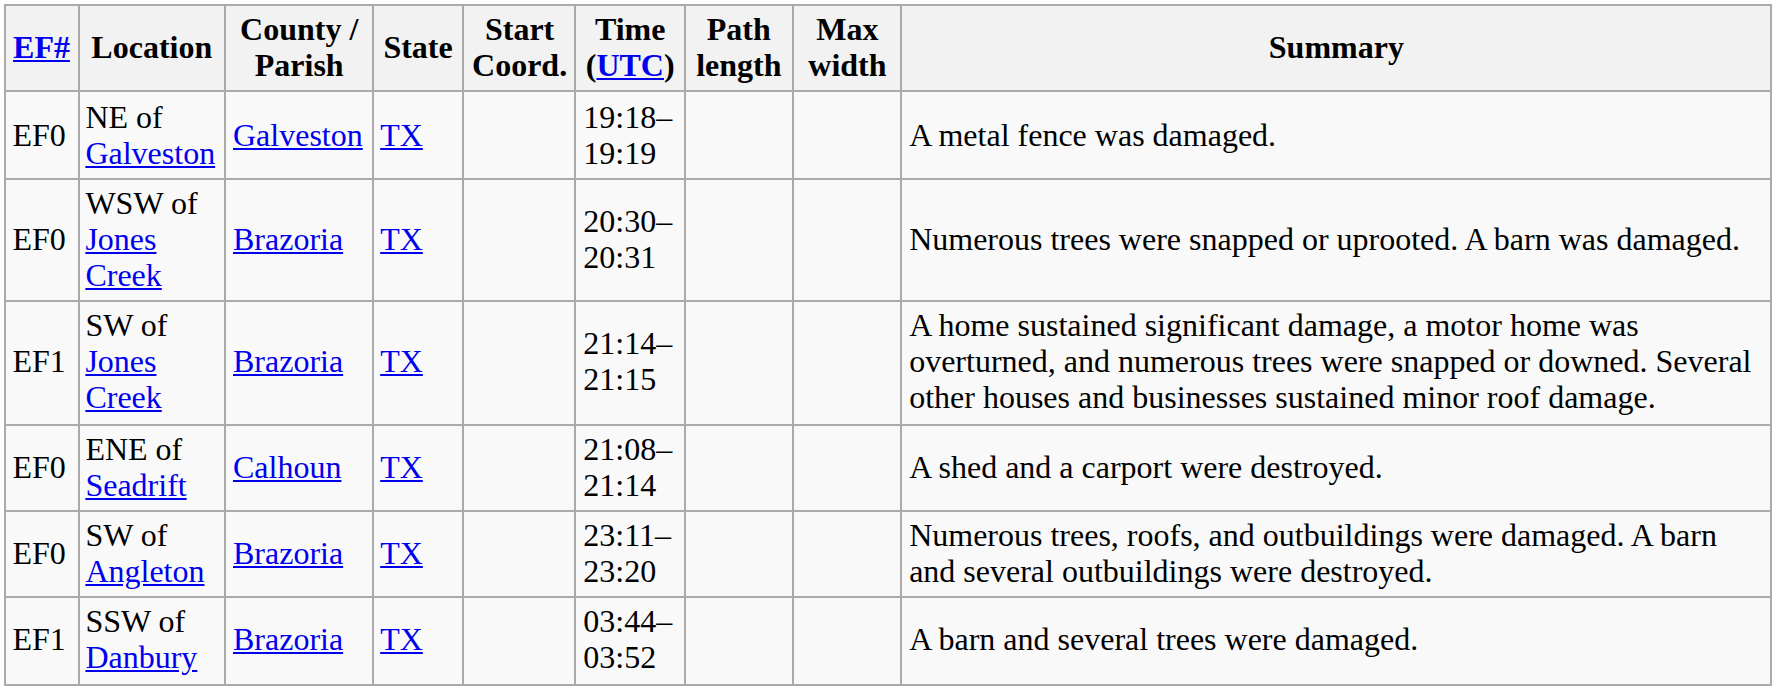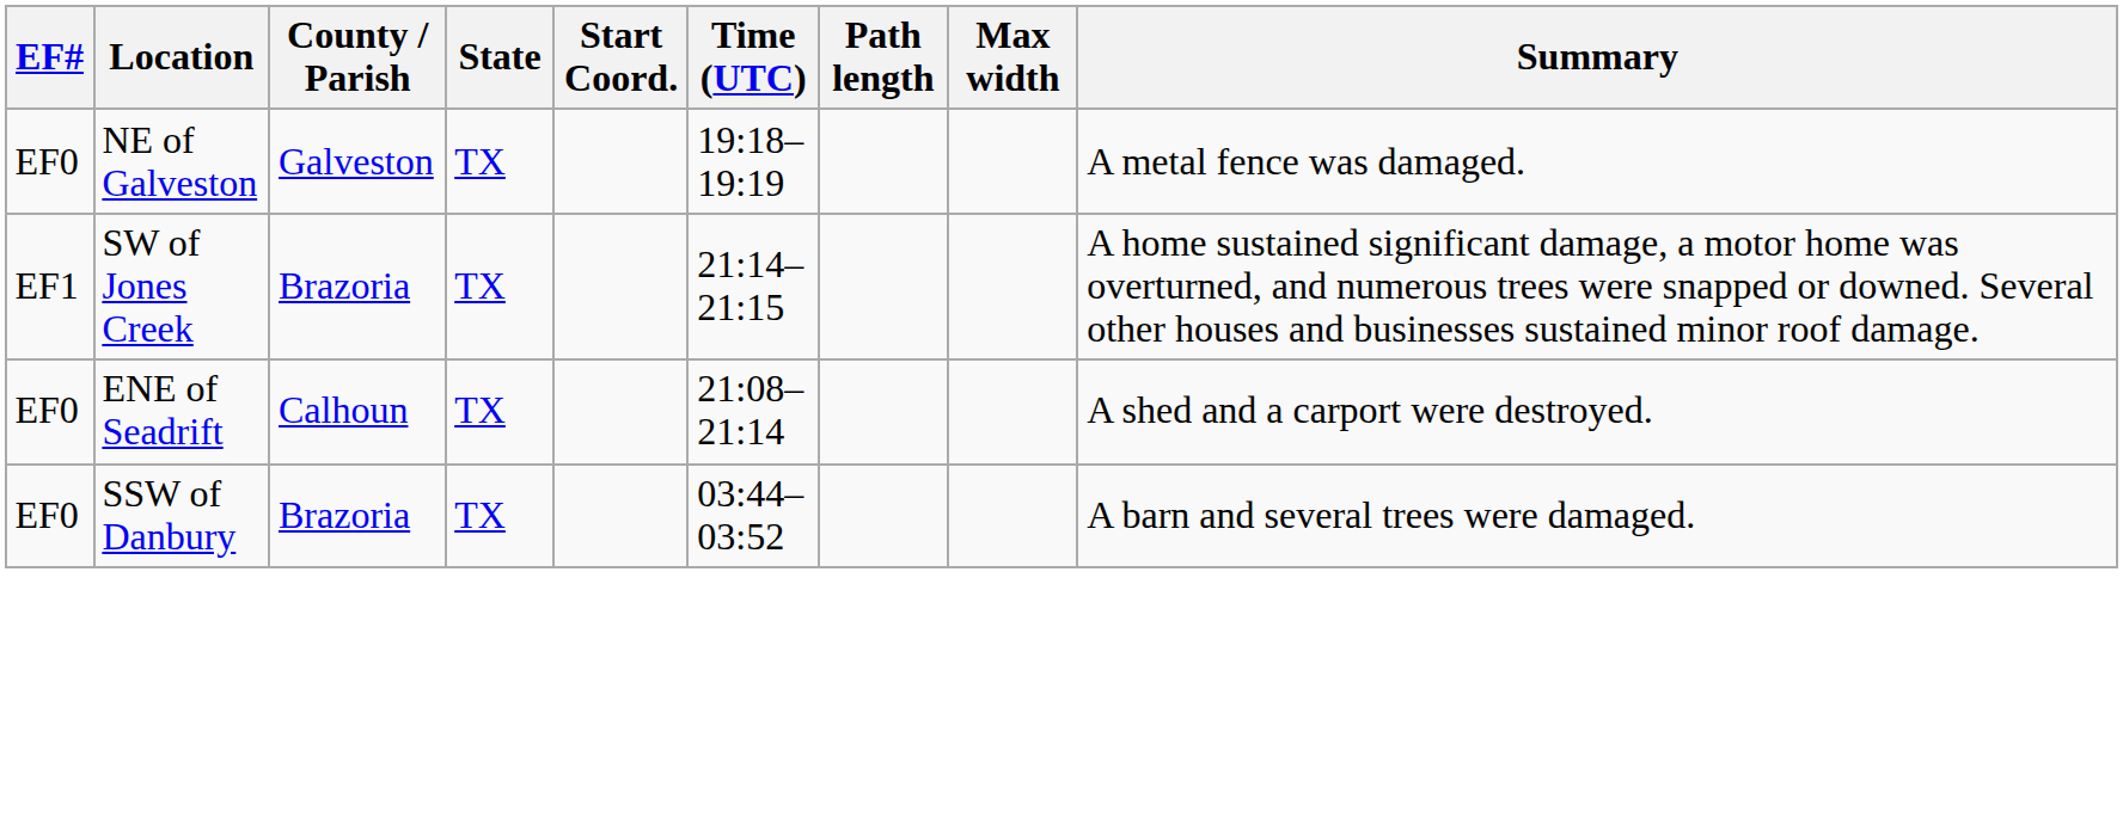 <table class="wikitable sortable" style="width:100%;">
 <tr>
 <th scope="col"  style="width:3%; text-align:center;"><a href='#'>EF#</a></th>
 <th scope="col"  style="width:7%; text-align:center;" class="unsortable">Location</th>
 <th scope="col"  style="width:6%; text-align:center;" class="unsortable">County / Parish</th>
 <th scope="col"  style="width:5%; text-align:center;">State</th>
 <th scope="col"  style="width:6%; text-align:center;">Start Coord.</th>
 <th scope="col"  style="width:6%; text-align:center;">Time (<a href='#'>UTC</a>)</th>
 <th scope="col"  style="width:6%; text-align:center;">Path length</th>
 <th scope="col"  style="width:6%; text-align:center;">Max width</th>
 <th scope="col" class="unsortable" style="width:48%; text-align:center;">Summary</th>
 </tr>
 <tr>
 <td>EF0</td>
 <td>NE of <a href='#'>Galveston</a></td>
 <td><a href='#'>Galveston</a></td>
 <td><a href='#'>TX</a></td>
 <td></td>
 <td>19:18–19:19</td>
 <td></td>
 <td></td>
 <td>A metal fence was damaged.</td>
-</tr>
-<tr>
-<td>EF0</td>
-<td>WSW of <a href='#'>Jones Creek</a></td>
-<td><a href='#'>Brazoria</a></td>
-<td><a href='#'>TX</a></td>
-<td></td>
-<td>20:30–20:31</td>
-<td></td>
-<td></td>
-<td>Numerous trees were snapped or uprooted. A barn was damaged.</td>
 </tr>
 <tr>
 <td>EF1</td>
 <td>SW of <a href='#'>Jones Creek</a></td>
 <td><a href='#'>Brazoria</a></td>
 <td><a href='#'>TX</a></td>
 <td></td>
 <td>21:14–21:15</td>
 <td></td>
 <td></td>
 <td>A home sustained significant damage, a motor home was overturned, and numerous trees were snapped or downed. Several other houses and businesses sustained minor roof damage.</td>
 </tr>
 <tr>
 <td>EF0</td>
 <td>ENE of <a href='#'>Seadrift</a></td>
 <td><a href='#'>Calhoun</a></td>
 <td><a href='#'>TX</a></td>
 <td></td>
 <td>21:08–21:14</td>
 <td></td>
 <td></td>
 <td>A shed and a carport were destroyed.</td>
 </tr>
 <tr>
 <td>EF0</td>
-<td>SW of <a href='#'>Angleton</a></td>
-<td><a href='#'>Brazoria</a></td>
-<td><a href='#'>TX</a></td>
-<td></td>
-<td>23:11–23:20</td>
-<td></td>
-<td></td>
-<td>Numerous trees, roofs, and outbuildings were damaged. A barn and several outbuildings were destroyed.</td>
-</tr>
-<tr>
-<td>EF1</td>
 <td>SSW of <a href='#'>Danbury</a></td>
 <td><a href='#'>Brazoria</a></td>
 <td><a href='#'>TX</a></td>
 <td></td>
 <td>03:44–03:52</td>
 <td></td>
 <td></td>
 <td>A barn and several trees were damaged.</td>
 </tr>
 <tr>
 </tr>
 </table>
